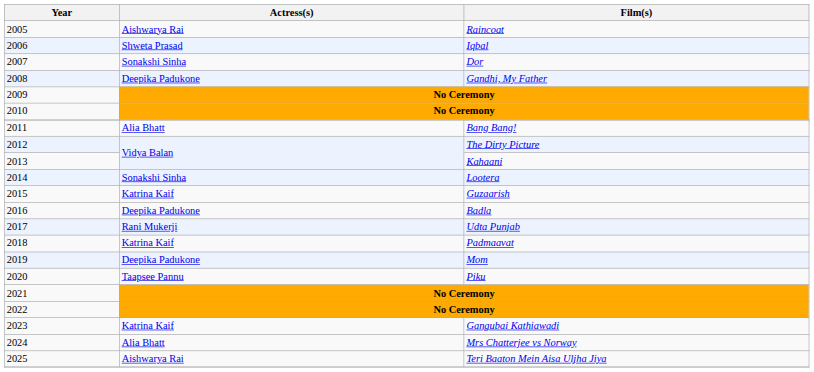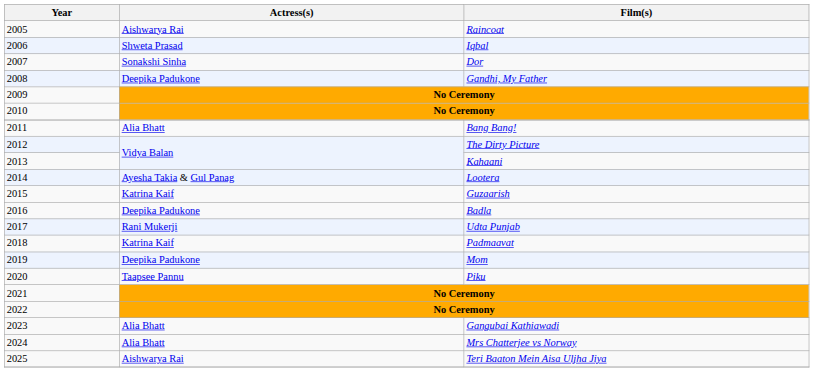 <table class="wikitable" style="width:98%;">
 <tr style="background:#bebebe;">
 <th style="width:10%;">Year</th>
 <th style="width:30%;">Actress(s)</th>
 <th style="width:30%;">Film(s)</th>
 </tr>
 <tr>
 <td>2005</td>
 <td><a href='#'>Aishwarya Rai</a></td>
 <td><em><a href='#'>Raincoat</a></em></td>
 </tr>
 <tr bgcolor=#edf3fe>
 <td>2006</td>
 <td><a href='#'>Shweta Prasad</a></td>
 <td><em><a href='#'>Iqbal</a></em></td>
 </tr>
 <tr>
 <td>2007</td>
 <td><a href='#'>Sonakshi Sinha</a></td>
 <td><em><a href='#'>Dor</a></em></td>
 </tr>
 <tr bgcolor=#edf3fe>
 <td>2008</td>
 <td><a href='#'>Deepika Padukone</a></td>
 <td><em><a href='#'>Gandhi, My Father</a></em></td>
 </tr>
 <tr>
 <td>2009</td>
 <th align="center" colspan="2" style="background:#FFAA00;"><strong>No Ceremony</strong></th>
 </tr>
 <tr>
 <td>2010</td>
 <th align="center" colspan="2" style="background:#FFAA00;"><strong>No Ceremony</strong></th>
 </tr>
 <tr>
 </tr>
 <tr>
 <td>2011</td>
 <td><a href='#'>Alia Bhatt</a></td>
 <td><em><a href='#'>Bang Bang!</a></em></td>
 </tr>
 <tr bgcolor=#edf3fe>
 <td>2012</td>
 <td rowspan="2"><a href='#'>Vidya Balan</a></td>
 <td><em><a href='#'>The Dirty Picture</a></em></td>
 </tr>
 <tr>
 <td>2013</td>
 <td><em><a href='#'>Kahaani</a></em></td>
 </tr>
 <tr bgcolor="#edf3fe">
 <td>2014</td>
-<td><a href='#'>Sonakshi Sinha</a></td>
+<td><a href='#'>Ayesha Takia</a> & <a href='#'>Gul Panag</a></td>
 <td><em><a href='#'>Lootera</a></em></td>
 </tr>
 <tr>
 <td>2015</td>
 <td><a href='#'>Katrina Kaif</a></td>
 <td><em><a href='#'>Guzaarish</a></em></td>
 </tr>
 <tr>
 <td>2016</td>
 <td><a href='#'>Deepika Padukone</a></td>
 <td><em><a href='#'>Badla</a></em></td>
 </tr>
 <tr bgcolor=#edf3fe>
 <td>2017</td>
 <td><a href='#'>Rani Mukerji</a></td>
 <td><em><a href='#'>Udta Punjab</a></em></td>
 </tr>
 <tr>
 <td>2018</td>
 <td><a href='#'>Katrina Kaif</a></td>
 <td><em><a href='#'>Padmaavat</a></em></td>
 </tr>
 <tr bgcolor=#edf3fe>
 <td>2019</td>
 <td><a href='#'>Deepika Padukone</a></td>
 <td><em><a href='#'>Mom</a></em></td>
 </tr>
 <tr>
 <td>2020</td>
 <td><a href='#'>Taapsee Pannu</a></td>
 <td><em><a href='#'>Piku</a></em></td>
 </tr>
 <tr>
 <td>2021</td>
 <th align="center" colspan="2" style="background:#FFAA00;"><strong>No Ceremony</strong></th>
 </tr>
 <tr>
 <td>2022</td>
 <th align="center" colspan="2" style="background:#FFAA00;"><strong>No Ceremony</strong></th>
 </tr>
 <tr>
 <td>2023</td>
-<td><a href='#'>Katrina Kaif</a></td>
+<td><a href='#'>Alia Bhatt</a></td>
 <td><em><a href='#'>Gangubai Kathiawadi</a></em></td>
 </tr>
 <tr>
 <td>2024</td>
 <td><a href='#'>Alia Bhatt</a></td>
 <td><em><a href='#'>Mrs Chatterjee vs Norway</a></em></td>
 </tr>
 <tr>
 <td>2025</td>
 <td><a href='#'>Aishwarya Rai</a></td>
 <td><em><a href='#'>Teri Baaton Mein Aisa Uljha Jiya</a></em></td>
 </tr>
 <tr>
 </tr>
 </table>
